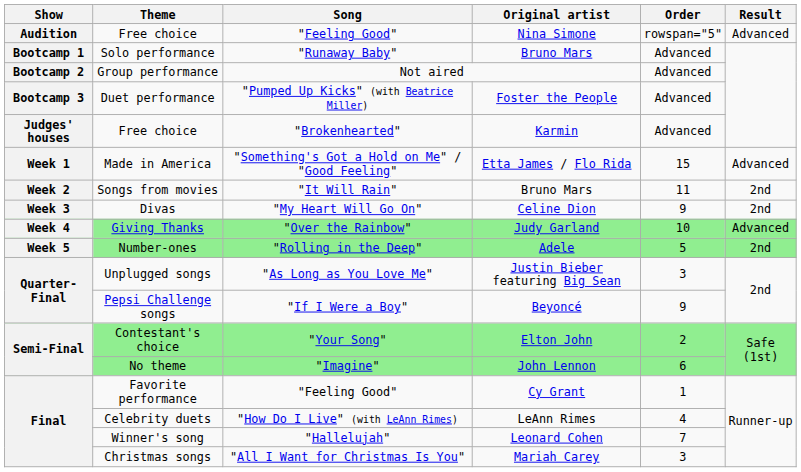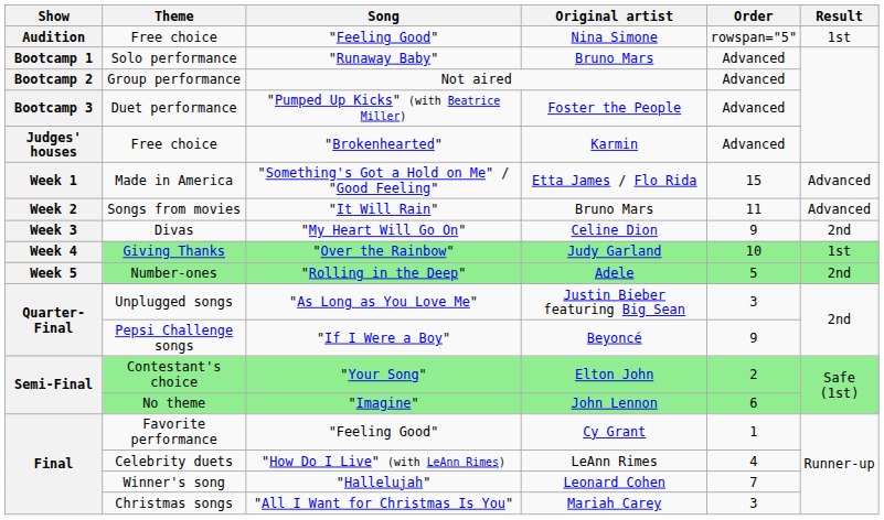 <table class="wikitable" style="text-align:center;">
 <tr>
 <th scope="col">Show</th>
 <th scope="col">Theme</th>
 <th scope="col">Song</th>
 <th scope="col">Original artist</th>
 <th scope="col">Order</th>
 <th scope="col">Result</th>
 </tr>
 <tr>
 <th scope="row">Audition</th>
 <td>Free choice</td>
 <td>"<a href='#'>Feeling Good</a>"</td>
 <td><a href='#'>Nina Simone</a></td>
 <td>rowspan="5" </td>
-<td>Advanced</td>
+<td>1st</td>
 </tr>
 <tr>
 <th scope="row">Bootcamp 1</th>
 <td>Solo performance</td>
 <td>"<a href='#'>Runaway Baby</a>"</td>
 <td><a href='#'>Bruno Mars</a></td>
 <td>Advanced</td>
 </tr>
 <tr>
 <th scope="row">Bootcamp 2</th>
 <td>Group performance</td>
 <td colspan="2">Not aired</td>
 <td>Advanced</td>
 </tr>
 <tr>
 <th scope="row">Bootcamp 3</th>
 <td>Duet performance</td>
 <td>"<a href='#'>Pumped Up Kicks</a>" <small>(with <a href='#'>Beatrice Miller</a>)</small></td>
 <td><a href='#'>Foster the People</a></td>
 <td>Advanced</td>
 </tr>
 <tr>
 <th scope="row">Judges' houses</th>
 <td>Free choice</td>
 <td>"<a href='#'>Brokenhearted</a>"</td>
 <td><a href='#'>Karmin</a></td>
 <td>Advanced</td>
 </tr>
 <tr>
 <th scope="row">Week 1</th>
 <td>Made in America</td>
 <td>"<a href='#'>Something's Got a Hold on Me</a>" / "<a href='#'>Good Feeling</a>"</td>
 <td><a href='#'>Etta James</a> / <a href='#'>Flo Rida</a></td>
 <td>15</td>
 <td>Advanced</td>
 </tr>
 <tr>
 <th scope="row">Week 2</th>
 <td>Songs from movies</td>
 <td>"<a href='#'>It Will Rain</a>"</td>
 <td>Bruno Mars </td>
 <td>11</td>
-<td>2nd</td>
+<td>Advanced</td>
 </tr>
 <tr>
 <th scope="row">Week 3</th>
 <td>Divas</td>
 <td>"<a href='#'>My Heart Will Go On</a>"</td>
 <td><a href='#'>Celine Dion</a></td>
 <td>9</td>
 <td>2nd</td>
 </tr>
 <tr style="background:lightgreen;">
 <th scope="row">Week 4</th>
 <td><a href='#'>Giving Thanks</a></td>
 <td>"<a href='#'>Over the Rainbow</a>"</td>
 <td><a href='#'>Judy Garland</a></td>
 <td>10</td>
-<td>Advanced</td>
+<td>1st</td>
 </tr>
 <tr style="background:lightgreen;">
 <th scope="row">Week 5</th>
 <td>Number-ones</td>
 <td>"<a href='#'>Rolling in the Deep</a>"</td>
 <td><a href='#'>Adele</a></td>
 <td>5</td>
 <td>2nd</td>
 </tr>
 <tr>
 <th scope="row" rowspan=2>Quarter-Final</th>
 <td>Unplugged songs</td>
 <td>"<a href='#'>As Long as You Love Me</a>"</td>
 <td><a href='#'>Justin Bieber</a> featuring <a href='#'>Big Sean</a></td>
 <td>3</td>
 <td rowspan=2>2nd</td>
 </tr>
 <tr>
 <td><a href='#'>Pepsi Challenge</a> songs</td>
 <td>"<a href='#'>If I Were a Boy</a>"</td>
 <td><a href='#'>Beyoncé</a></td>
 <td>9</td>
 </tr>
 <tr style="background:lightgreen;">
 <th scope="row" rowspan=2>Semi-Final</th>
 <td>Contestant's choice</td>
 <td>"<a href='#'>Your Song</a>"</td>
 <td><a href='#'>Elton John</a></td>
 <td>2</td>
 <td rowspan="2">Safe (1st)</td>
 </tr>
 <tr style="background:lightgreen;">
 <td>No theme</td>
 <td>"<a href='#'>Imagine</a>"</td>
 <td><a href='#'>John Lennon</a></td>
 <td>6</td>
 </tr>
 <tr>
 <th scope="row" rowspan=4>Final</th>
 <td>Favorite performance</td>
 <td>"Feeling Good"</td>
 <td><a href='#'>Cy Grant</a></td>
 <td>1</td>
 <td rowspan=4>Runner-up</td>
 </tr>
 <tr>
 <td>Celebrity duets</td>
 <td>"<a href='#'>How Do I Live</a>" <small>(with <a href='#'>LeAnn Rimes</a>)</small></td>
 <td>LeAnn Rimes </td>
 <td>4</td>
 </tr>
 <tr>
 <td>Winner's song</td>
 <td>"<a href='#'>Hallelujah</a>"</td>
 <td><a href='#'>Leonard Cohen</a></td>
 <td>7</td>
 </tr>
 <tr>
 <td>Christmas songs</td>
 <td>"<a href='#'>All I Want for Christmas Is You</a>"</td>
 <td><a href='#'>Mariah Carey</a></td>
 <td>3</td>
 </tr>
 </table>
